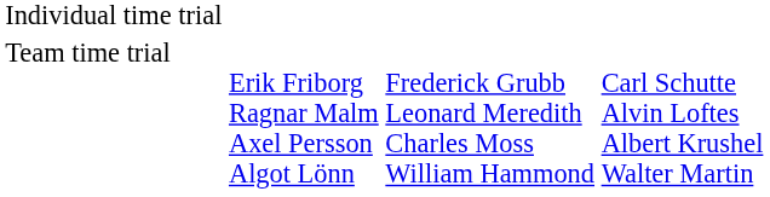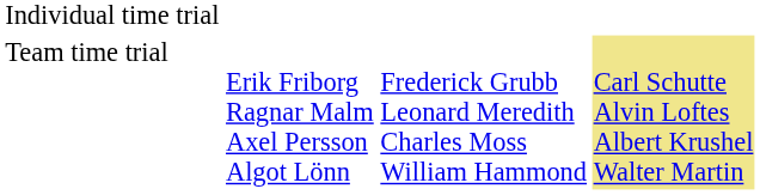 <table>
 <tr>
 <td>Individual time trial<br></td>
 <td></td>
 <td></td>
 <td></td>
 </tr>
 <tr valign="top">
 <td>Team time trial<br></td>
 <td><br><a href='#'>Erik Friborg</a><br><a href='#'>Ragnar Malm</a><br><a href='#'>Axel Persson</a><br><a href='#'>Algot Lönn</a></td>
 <td><br><a href='#'>Frederick Grubb</a><br><a href='#'>Leonard Meredith</a><br><a href='#'>Charles Moss</a><br><a href='#'>William Hammond</a></td>
-<td><br><a href='#'>Carl Schutte</a><br><a href='#'>Alvin Loftes</a><br><a href='#'>Albert Krushel</a><br><a href='#'>Walter Martin</a></td>
+<td style="background: khaki;"><br><a href='#'>Carl Schutte</a><br><a href='#'>Alvin Loftes</a><br><a href='#'>Albert Krushel</a><br><a href='#'>Walter Martin</a></td>
 </tr>
 </table>
